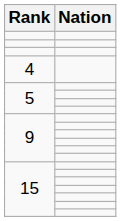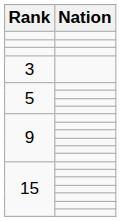 <table class="wikitable sortable">
 <tr>
 <th>Rank</th>
 <th>Nation</th>
 </tr>
 <tr>
 <td align=center></td>
 <td></td>
 </tr>
 <tr>
 <td align=center></td>
 <td></td>
 </tr>
 <tr>
 <td align=center></td>
 <td></td>
 </tr>
 <tr>
-<td align=center>4</td>
+<td align=center>3</td>
 <td></td>
 </tr>
 <tr>
 <td align=center rowspan=4>5</td>
 <td></td>
 </tr>
 <tr>
 <td></td>
 </tr>
 <tr>
 <td></td>
 </tr>
 <tr>
 <td></td>
 </tr>
 <tr>
 <td align=center rowspan=6>9</td>
 <td></td>
 </tr>
 <tr>
 <td></td>
 </tr>
 <tr>
 <td></td>
 </tr>
 <tr>
 <td></td>
 </tr>
 <tr>
 <td></td>
 </tr>
 <tr>
 <td></td>
 </tr>
 <tr>
 <td align=center rowspan=7>15</td>
 <td></td>
 </tr>
 <tr>
 <td></td>
 </tr>
 <tr>
 <td></td>
 </tr>
 <tr>
 <td></td>
 </tr>
 <tr>
 <td></td>
 </tr>
 <tr>
 <td></td>
 </tr>
 <tr>
 <td></td>
 </tr>
 </table>
